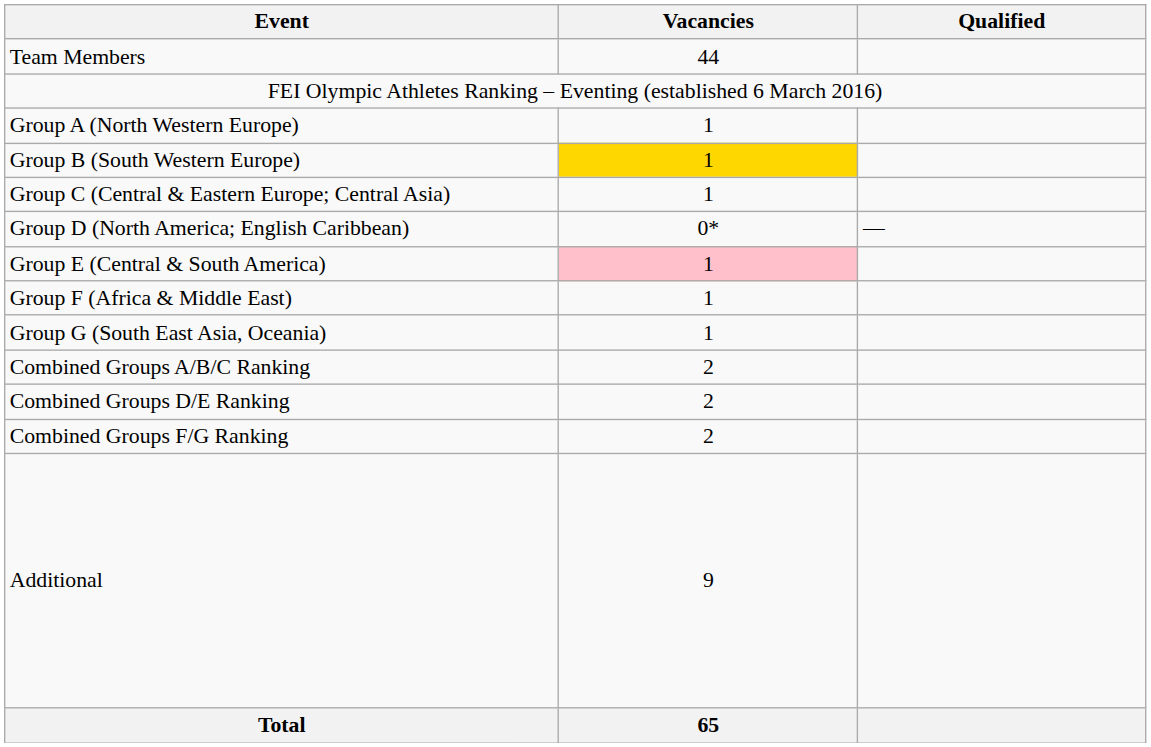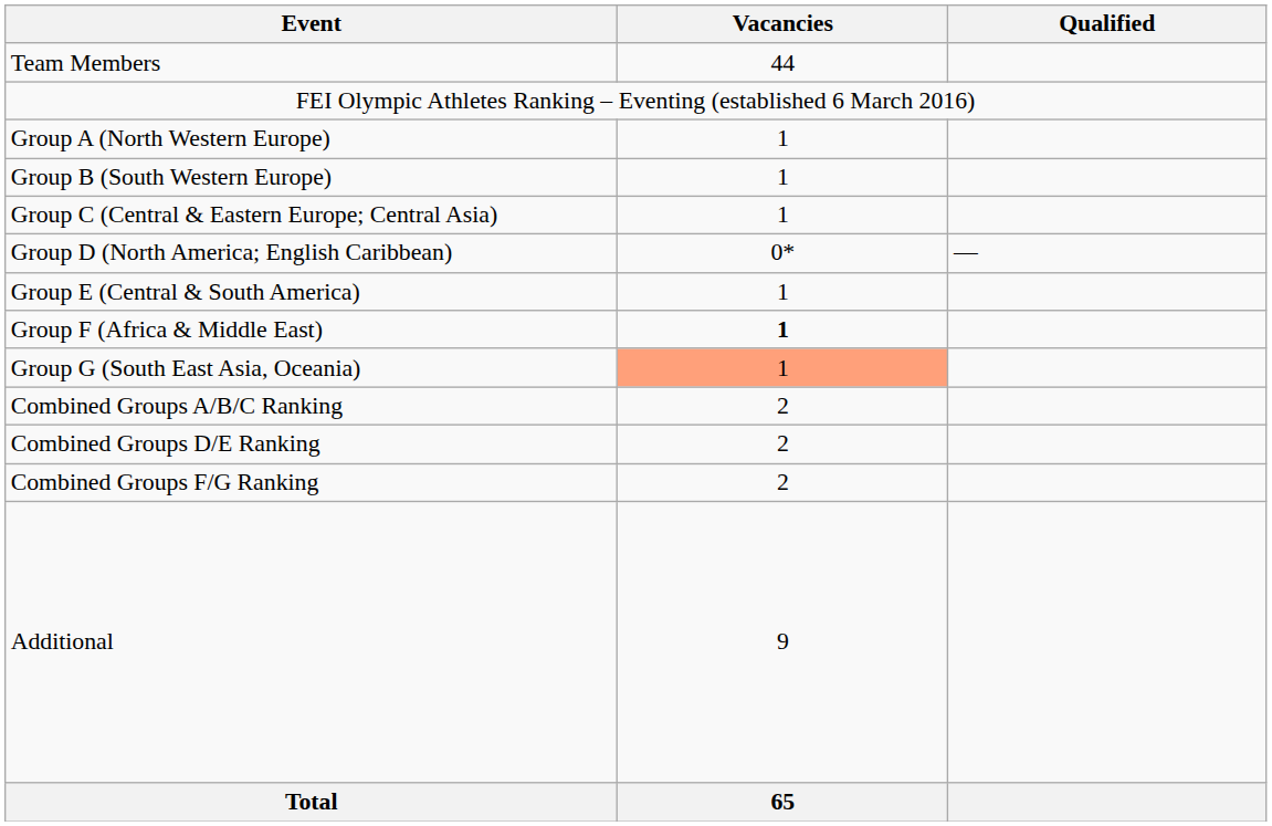 <table class="wikitable" width=95%>
 <tr>
 <th scope="col" width="400">Event</th>
 <th>Vacancies</th>
 <th>Qualified</th>
 </tr>
 <tr>
 <td>Team Members</td>
 <td align="center">44</td>
 <td></td>
 </tr>
 <tr>
 <td align="center" colspan="3">FEI Olympic Athletes Ranking – Eventing (established 6 March 2016)</td>
 </tr>
 <tr>
 <td>Group A (North Western Europe)</td>
 <td align="center">1</td>
 <td></td>
 </tr>
 <tr>
 <td>Group B (South Western Europe)</td>
-<td align="center" style="background: gold;">1</td>
+<td align="center">1</td>
 <td></td>
 </tr>
 <tr>
 <td>Group C (Central & Eastern Europe; Central Asia)</td>
 <td align="center">1</td>
 <td></td>
 </tr>
 <tr>
 <td>Group D (North America; English Caribbean)</td>
 <td align="center">0*</td>
 <td>—</td>
 </tr>
 <tr>
 <td>Group E (Central & South America)</td>
-<td align="center" style="background: pink;">1</td>
+<td align="center">1</td>
 <td></td>
 </tr>
 <tr>
 <td>Group F (Africa & Middle East)</td>
-<td align="center">1</td>
+<td align="center"><strong>1</strong></td>
 <td></td>
 </tr>
 <tr>
 <td>Group G (South East Asia, Oceania)</td>
-<td align="center">1</td>
+<td align="center" style="background: lightsalmon;">1</td>
 <td></td>
 </tr>
 <tr>
 <td>Combined Groups A/B/C Ranking</td>
 <td align="center">2</td>
 <td><s></s><br></td>
 </tr>
 <tr>
 <td>Combined Groups D/E Ranking</td>
 <td align="center">2</td>
 <td><br></td>
 </tr>
 <tr>
 <td>Combined Groups F/G Ranking</td>
 <td align="center">2</td>
 <td><br></td>
 </tr>
 <tr>
 <td>Additional</td>
 <td align="center">9</td>
 <td><br><br><br><br><br><br><br><br><s></s><br><br></td>
 </tr>
 <tr>
 <th>Total</th>
 <th>65</th>
 <th></th>
 </tr>
 </table>
